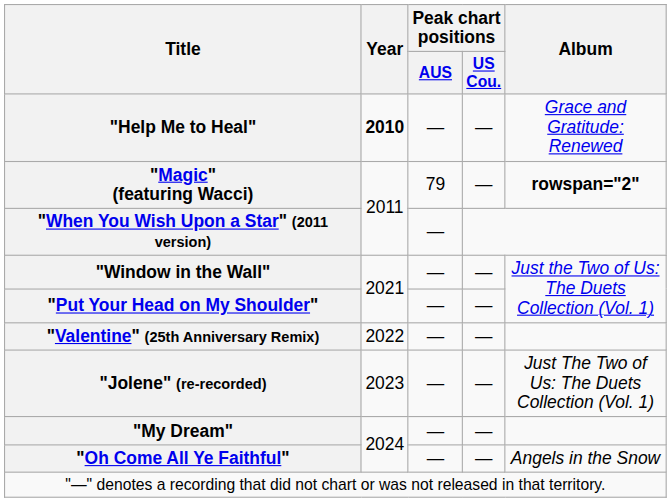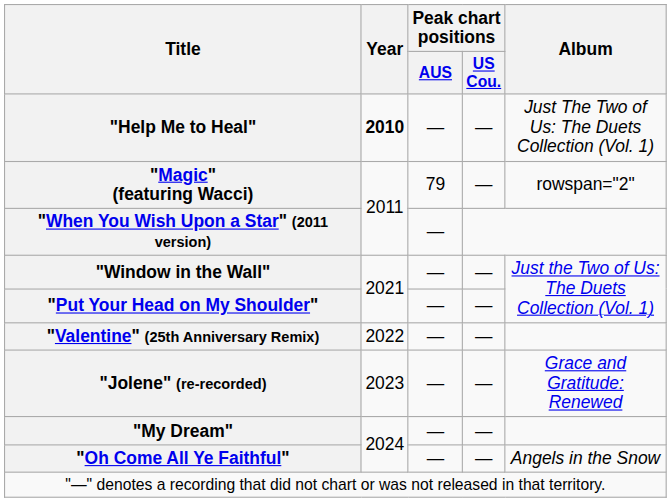 <table class="wikitable plainrowheaders" style="text-align:center;">
 <tr>
 <th scope="col" rowspan="2" style="width:20em;">Title</th>
 <th scope="col" rowspan="2">Year</th>
 <th scope="col" colspan="2">Peak chart positions</th>
 <th scope="col" rowspan="2">Album</th>
 </tr>
 <tr>
 <th scope="col" style="width:3em;font-size:90%;"><a href='#'>AUS</a><br></th>
 <th scope="col" style="width:2em;font-size:90%;"><a href='#'>US<br>Cou.</a></th>
 </tr>
 <tr>
 <th scope="row">"Help Me to Heal"</th>
 <td><strong>2010</strong></td>
 <td>—</td>
 <td>—</td>
-<td><em><a href='#'>Grace and Gratitude: Renewed</a></em></td>
+<td><em>Just The Two of Us: The Duets Collection (Vol. 1)</em></td>
 </tr>
 <tr>
 <th scope="row">"<a href='#'>Magic</a>" <br><span>(featuring Wacci)</span></th>
 <td rowspan="2">2011</td>
 <td>79</td>
 <td>—</td>
-<td><strong>rowspan="2" </strong></td>
+<td>rowspan="2" </td>
 </tr>
 <tr>
 <th scope="row">"<a href='#'>When You Wish Upon a Star</a>" <small>(2011 version)</small></th>
 <td>—</td>
 </tr>
 <tr>
 <th scope="row">"Window in the Wall"<br></th>
 <td rowspan="2">2021</td>
 <td>—</td>
 <td>—</td>
 <td rowspan="2"><em><a href='#'>Just the Two of Us: The Duets Collection (Vol. 1)</a></em></td>
 </tr>
 <tr>
 <th scope="row">"<a href='#'>Put Your Head on My Shoulder</a>"<br></th>
 <td>—</td>
 <td>—</td>
 </tr>
 <tr>
 <th scope="row">"<a href='#'>Valentine</a>" <small>(25th Anniversary Remix)</small><br></th>
 <td>2022</td>
 <td>—</td>
 <td>—</td>
 <td></td>
 </tr>
 <tr>
 <th scope="row">"Jolene" <small>(re-recorded)</small><br></th>
 <td>2023</td>
 <td>—</td>
 <td>—</td>
-<td><em>Just The Two of Us: The Duets Collection (Vol. 1)</em></td>
+<td><em><a href='#'>Grace and Gratitude: Renewed</a></em></td>
 </tr>
 <tr>
 <th scope="row">"My Dream"<br></th>
 <td rowspan="2">2024</td>
 <td>—</td>
 <td>—</td>
 <td></td>
 </tr>
 <tr>
 <th scope="row">"<a href='#'>Oh Come All Ye Faithful</a>"<br></th>
 <td>—</td>
 <td>—</td>
 <td><em>Angels in the Snow</em></td>
 </tr>
 <tr>
 <td colspan="5" style="font-size:90%">"—" denotes a recording that did not chart or was not released in that territory.</td>
 </tr>
 </table>
